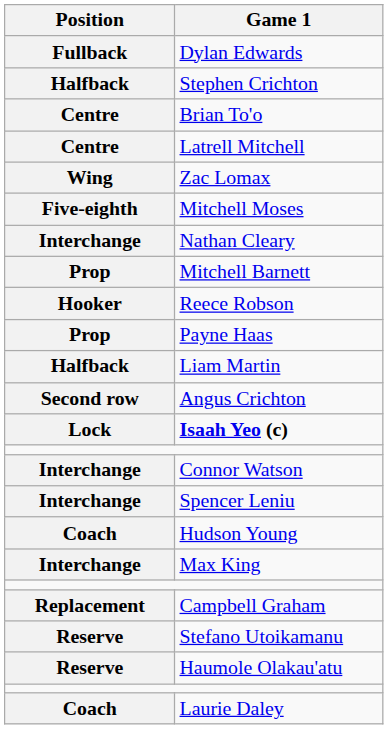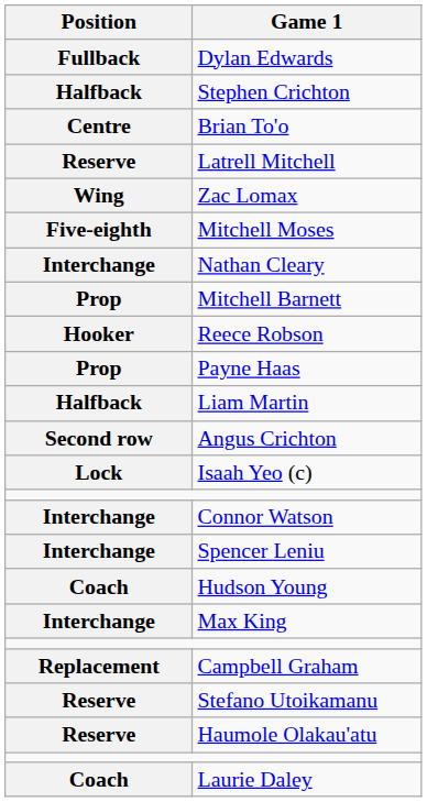 <table class="wikitable">
 <tr>
 <th style="width:130px;">Position</th>
 <th style="width:160px;">Game 1</th>
 </tr>
 <tr>
 <th>Fullback</th>
 <td> <a href='#'>Dylan Edwards</a></td>
 </tr>
 <tr>
 <th>Halfback</th>
 <td> <a href='#'>Stephen Crichton</a></td>
 </tr>
 <tr>
 <th>Centre</th>
 <td> <a href='#'>Brian To'o</a></td>
 </tr>
 <tr>
-<th>Centre</th>
+<th>Reserve</th>
 <td> <a href='#'>Latrell Mitchell</a></td>
 </tr>
 <tr>
 <th>Wing</th>
 <td> <a href='#'>Zac Lomax</a></td>
 </tr>
 <tr>
 <th>Five-eighth</th>
 <td> <a href='#'>Mitchell Moses</a></td>
 </tr>
 <tr>
 <th>Interchange</th>
 <td> <a href='#'>Nathan Cleary</a></td>
 </tr>
 <tr>
 <th>Prop</th>
 <td> <a href='#'>Mitchell Barnett</a></td>
 </tr>
 <tr>
 <th>Hooker</th>
 <td> <a href='#'>Reece Robson</a></td>
 </tr>
 <tr>
 <th>Prop</th>
 <td> <a href='#'>Payne Haas</a></td>
 </tr>
 <tr>
 <th>Halfback</th>
 <td> <a href='#'>Liam Martin</a></td>
 </tr>
 <tr>
 <th>Second row</th>
 <td> <a href='#'>Angus Crichton</a></td>
 </tr>
 <tr>
 <th>Lock</th>
-<td><strong> <a href='#'>Isaah Yeo</a> (c)</strong></td>
+<td> <a href='#'>Isaah Yeo</a> (c)</td>
 </tr>
 <tr>
 <td colspan="2"></td>
 </tr>
 <tr>
 <th>Interchange</th>
 <td> <a href='#'>Connor Watson</a></td>
 </tr>
 <tr>
 <th>Interchange</th>
 <td> <a href='#'>Spencer Leniu</a></td>
 </tr>
 <tr>
 <th>Coach</th>
 <td> <a href='#'>Hudson Young</a></td>
 </tr>
 <tr>
 <th>Interchange</th>
 <td> <a href='#'>Max King</a></td>
 </tr>
 <tr>
 <td colspan="2"></td>
 </tr>
 <tr>
 <th>Replacement</th>
 <td> <a href='#'>Campbell Graham</a></td>
 </tr>
 <tr>
 <th>Reserve</th>
 <td> <a href='#'>Stefano Utoikamanu</a></td>
 </tr>
 <tr>
 <th>Reserve</th>
 <td> <a href='#'>Haumole Olakau'atu</a></td>
 </tr>
 <tr>
 <td colspan="2"></td>
 </tr>
 <tr>
 <th>Coach</th>
 <td> <a href='#'>Laurie Daley</a></td>
 </tr>
 </table>
